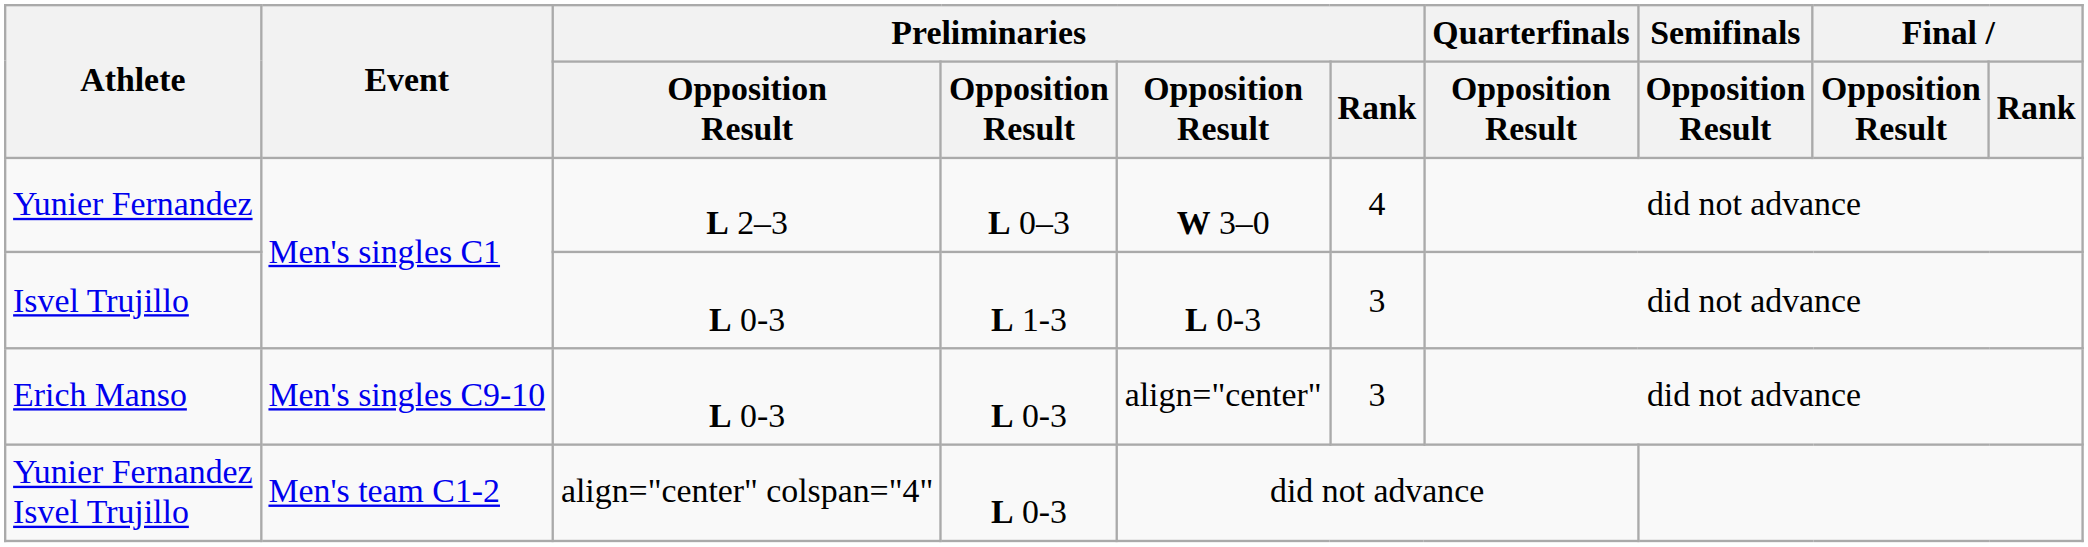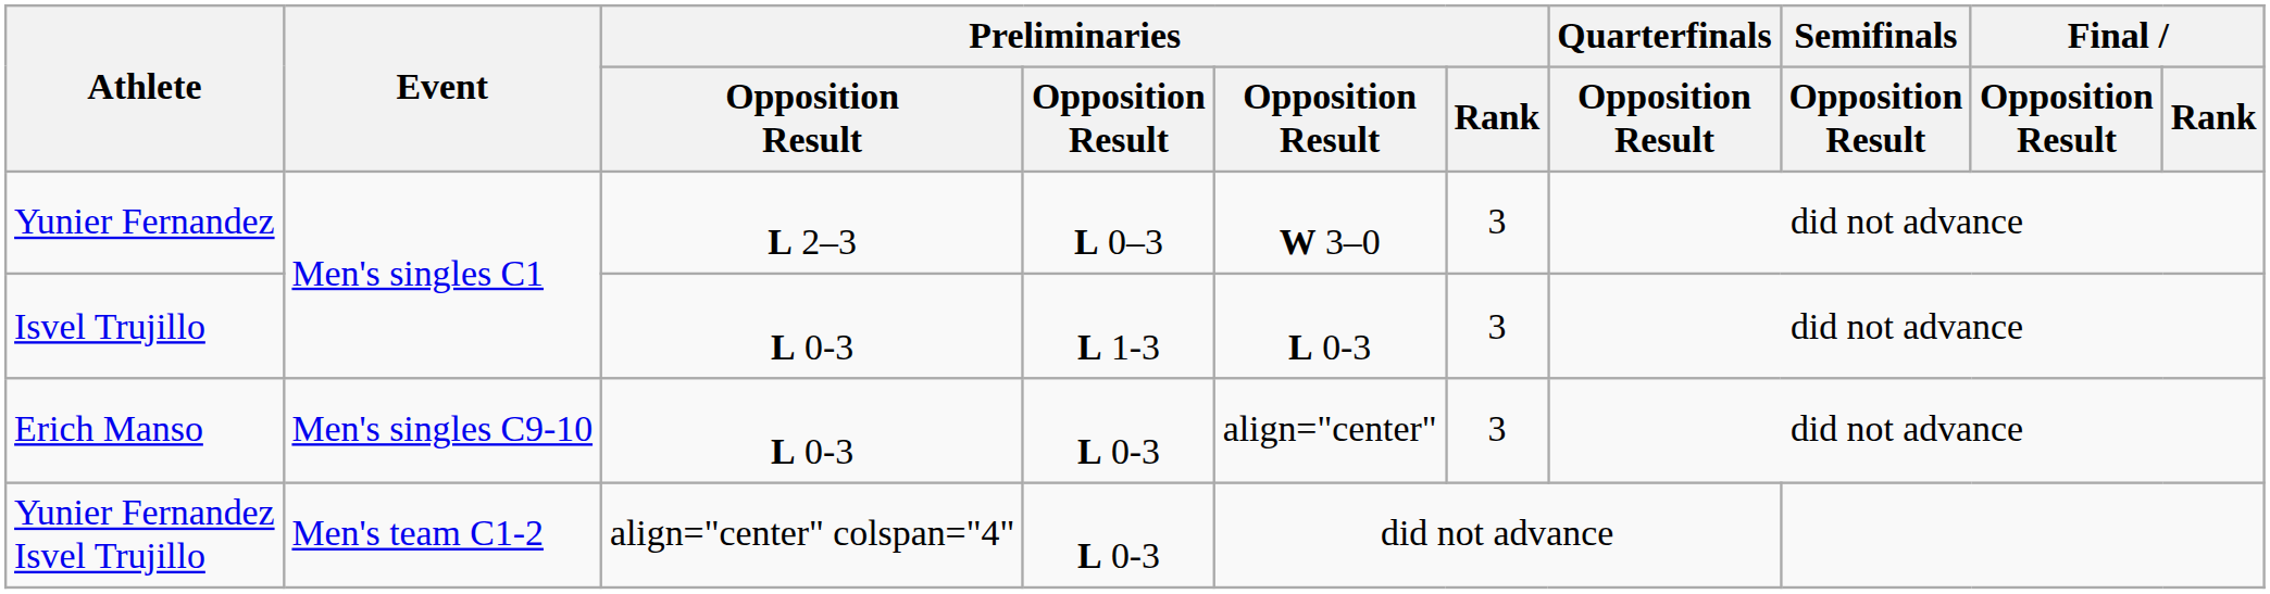 <table class=wikitable style="font-size:90%">
 <tr>
 <th rowspan="2">Athlete</th>
 <th rowspan="2">Event</th>
 <th colspan="4">Preliminaries</th>
 <th>Quarterfinals</th>
 <th>Semifinals</th>
 <th colspan="2">Final / </th>
 </tr>
 <tr>
 <th>Opposition<br>Result</th>
 <th>Opposition<br>Result</th>
 <th>Opposition<br>Result</th>
 <th>Rank</th>
 <th>Opposition<br>Result</th>
 <th>Opposition<br>Result</th>
 <th>Opposition<br>Result</th>
 <th>Rank</th>
 </tr>
 <tr>
 <td><a href='#'>Yunier Fernandez</a></td>
 <td rowspan="2"><a href='#'>Men's singles C1</a></td>
 <td align="center"><br><strong>L</strong> 2–3</td>
 <td align="center"><br><strong>L</strong> 0–3</td>
 <td align="center"><br><strong>W</strong> 3–0</td>
-<td align="center">4</td>
+<td align="center">3</td>
 <td align="center" colspan="4">did not advance</td>
 </tr>
 <tr>
 <td><a href='#'>Isvel Trujillo</a></td>
 <td align="center"><br><strong>L</strong> 0-3</td>
 <td align="center"><br><strong>L</strong> 1-3</td>
 <td align="center"><br><strong>L</strong> 0-3</td>
 <td align="center">3</td>
 <td align="center" colspan="4">did not advance</td>
 </tr>
 <tr>
 <td><a href='#'>Erich Manso</a></td>
 <td><a href='#'>Men's singles C9-10</a></td>
 <td align="center"><br><strong>L</strong> 0-3</td>
 <td align="center"><br><strong>L</strong> 0-3</td>
 <td>align="center" </td>
 <td align="center">3</td>
 <td align="center" colspan="4">did not advance</td>
 </tr>
 <tr>
 <td><a href='#'>Yunier Fernandez</a><br> <a href='#'>Isvel Trujillo</a></td>
 <td><a href='#'>Men's team C1-2</a></td>
 <td>align="center" colspan="4" </td>
 <td align="center"><br><strong>L</strong> 0-3</td>
 <td align="center" colspan="3">did not advance</td>
 </tr>
 </table>
